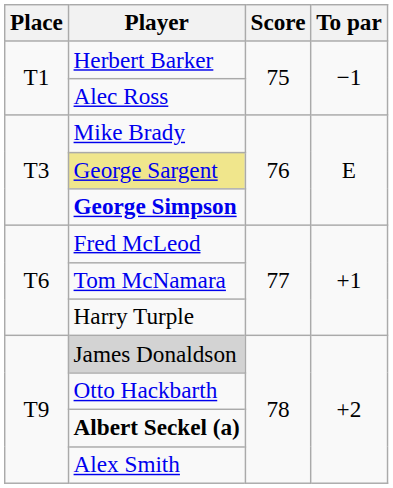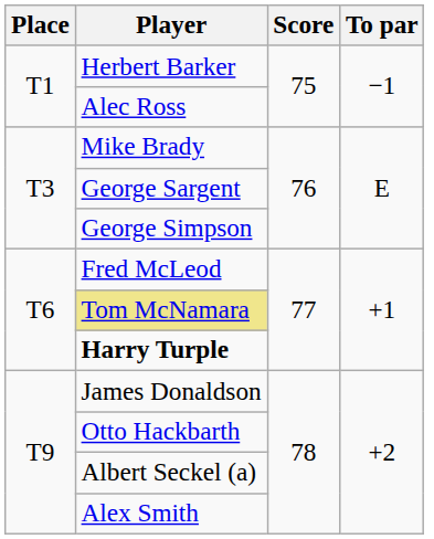 <table class=wikitable>
 <tr>
 <th>Place</th>
 <th>Player</th>
 <th>Score</th>
 <th>To par</th>
 </tr>
 <tr>
 <td rowspan=2 align=center>T1</td>
 <td> <a href='#'>Herbert Barker</a></td>
 <td rowspan=2 align=center>75</td>
 <td rowspan=2 align=center>−1</td>
 </tr>
 <tr>
 <td> <a href='#'>Alec Ross</a></td>
 </tr>
 <tr>
 <td rowspan=3 align=center>T3</td>
 <td> <a href='#'>Mike Brady</a></td>
 <td rowspan=3 align=center>76</td>
 <td rowspan=3 align=center>E</td>
 </tr>
 <tr>
-<td style="background: khaki;"> <a href='#'>George Sargent</a></td>
+<td> <a href='#'>George Sargent</a></td>
 </tr>
 <tr>
-<td><strong> <a href='#'>George Simpson</a></strong></td>
+<td> <a href='#'>George Simpson</a></td>
 </tr>
 <tr>
 <td rowspan=3 align=center>T6</td>
 <td> <a href='#'>Fred McLeod</a></td>
 <td rowspan=3 align=center>77</td>
 <td rowspan=3 align=center>+1</td>
 </tr>
 <tr>
-<td> <a href='#'>Tom McNamara</a></td>
+<td style="background: khaki;"> <a href='#'>Tom McNamara</a></td>
 </tr>
 <tr>
-<td> Harry Turple  </td>
+<td><strong> Harry Turple  </strong></td>
 </tr>
 <tr>
 <td rowspan=4 align=center>T9</td>
-<td style="background: lightgrey;"> James Donaldson</td>
+<td> James Donaldson</td>
 <td rowspan=4 align=center>78</td>
 <td rowspan=4 align=center>+2</td>
 </tr>
 <tr>
 <td> <a href='#'>Otto Hackbarth</a></td>
 </tr>
 <tr>
-<td><strong> Albert Seckel (a)</strong></td>
+<td> Albert Seckel (a)</td>
 </tr>
 <tr>
 <td> <a href='#'>Alex Smith</a></td>
 </tr>
 </table>
